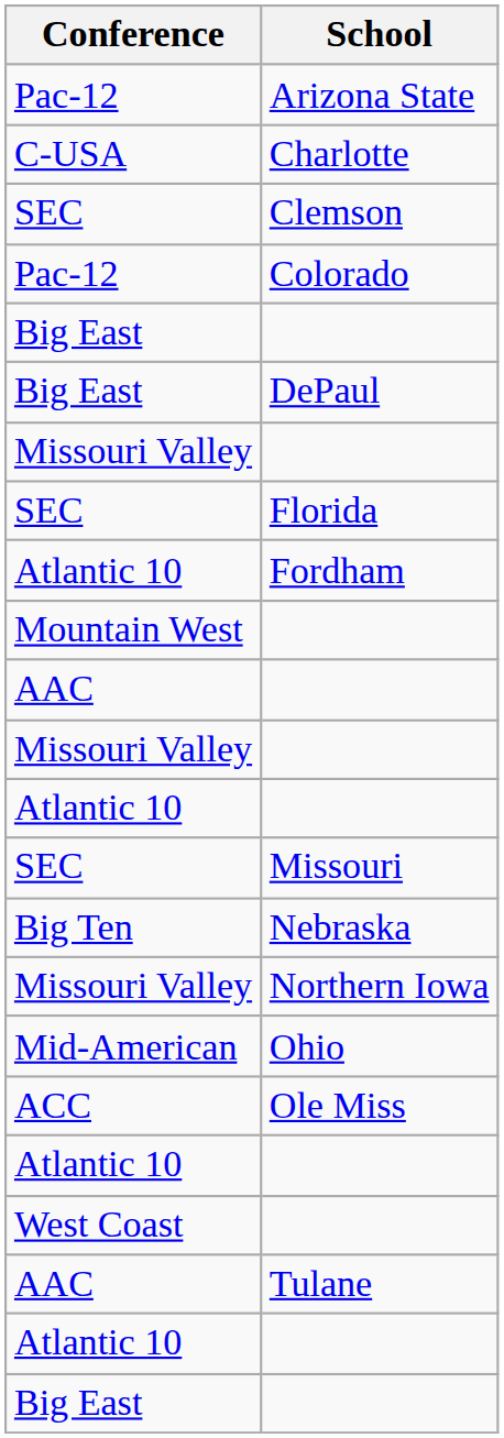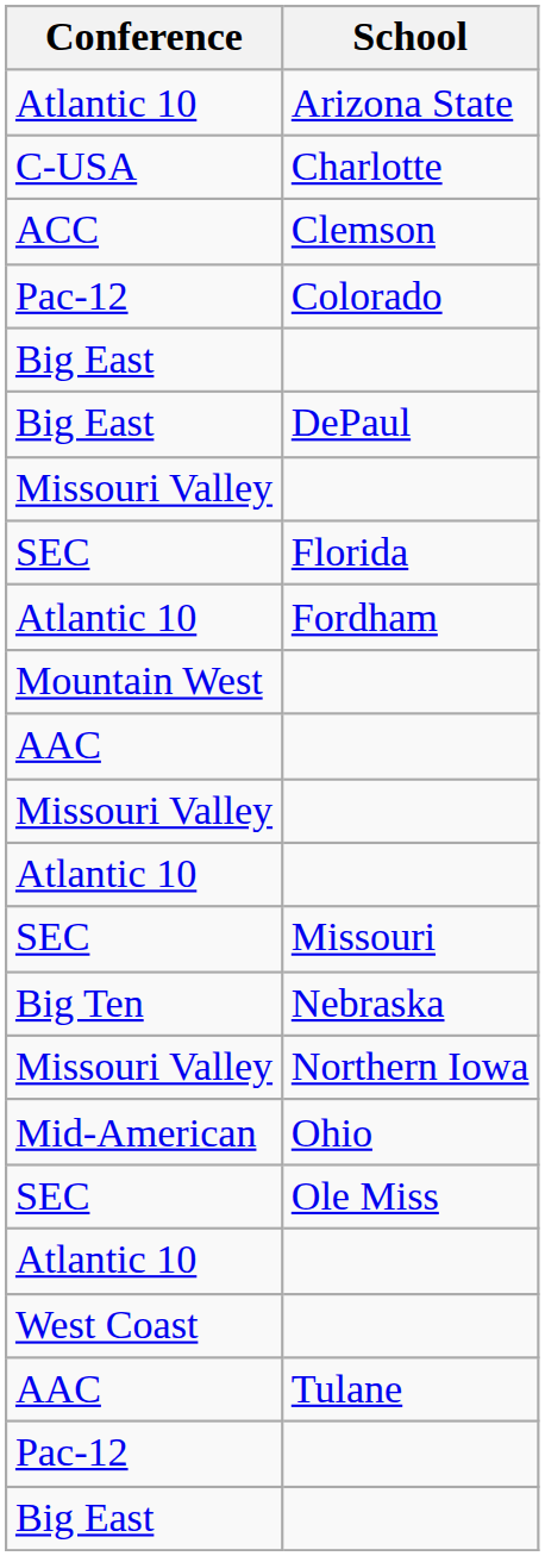 <table class="wikitable sortable">
 <tr>
 <th>Conference</th>
 <th>School</th>
 </tr>
 <tr>
-<td><a href='#'>Pac-12</a></td>
+<td><a href='#'>Atlantic 10</a></td>
 <td><a href='#'>Arizona State</a></td>
 </tr>
 <tr>
 <td><a href='#'>C-USA</a></td>
 <td><a href='#'>Charlotte</a></td>
 </tr>
 <tr>
-<td><a href='#'>SEC</a></td>
+<td><a href='#'>ACC</a></td>
 <td><a href='#'>Clemson</a></td>
 </tr>
 <tr>
 <td><a href='#'>Pac-12</a></td>
 <td><a href='#'>Colorado</a></td>
 </tr>
 <tr>
 <td><a href='#'>Big East</a></td>
 <td></td>
 </tr>
 <tr>
 <td><a href='#'>Big East</a></td>
 <td><a href='#'>DePaul</a></td>
 </tr>
 <tr>
 <td><a href='#'>Missouri Valley</a></td>
 <td></td>
 </tr>
 <tr>
 <td><a href='#'>SEC</a></td>
 <td><a href='#'>Florida</a></td>
 </tr>
 <tr>
 <td><a href='#'>Atlantic 10</a></td>
 <td><a href='#'>Fordham</a></td>
 </tr>
 <tr>
 <td><a href='#'>Mountain West</a></td>
 <td></td>
 </tr>
 <tr>
 <td><a href='#'>AAC</a></td>
 <td></td>
 </tr>
 <tr>
 <td><a href='#'>Missouri Valley</a></td>
 <td></td>
 </tr>
 <tr>
 <td><a href='#'>Atlantic 10</a></td>
 <td></td>
 </tr>
 <tr>
 <td><a href='#'>SEC</a></td>
 <td><a href='#'>Missouri</a></td>
 </tr>
 <tr>
 <td><a href='#'>Big Ten</a></td>
 <td><a href='#'>Nebraska</a></td>
 </tr>
 <tr>
 <td><a href='#'>Missouri Valley</a></td>
 <td><a href='#'>Northern Iowa</a></td>
 </tr>
 <tr>
 <td><a href='#'>Mid-American</a></td>
 <td><a href='#'>Ohio</a></td>
 </tr>
 <tr>
-<td><a href='#'>ACC</a></td>
+<td><a href='#'>SEC</a></td>
 <td><a href='#'>Ole Miss</a></td>
 </tr>
 <tr>
 <td><a href='#'>Atlantic 10</a></td>
 <td></td>
 </tr>
 <tr>
 <td><a href='#'>West Coast</a></td>
 <td></td>
 </tr>
 <tr>
 <td><a href='#'>AAC</a></td>
 <td><a href='#'>Tulane</a></td>
 </tr>
 <tr>
-<td><a href='#'>Atlantic 10</a></td>
+<td><a href='#'>Pac-12</a></td>
 <td></td>
 </tr>
 <tr>
 <td><a href='#'>Big East</a></td>
 <td></td>
 </tr>
 </table>
